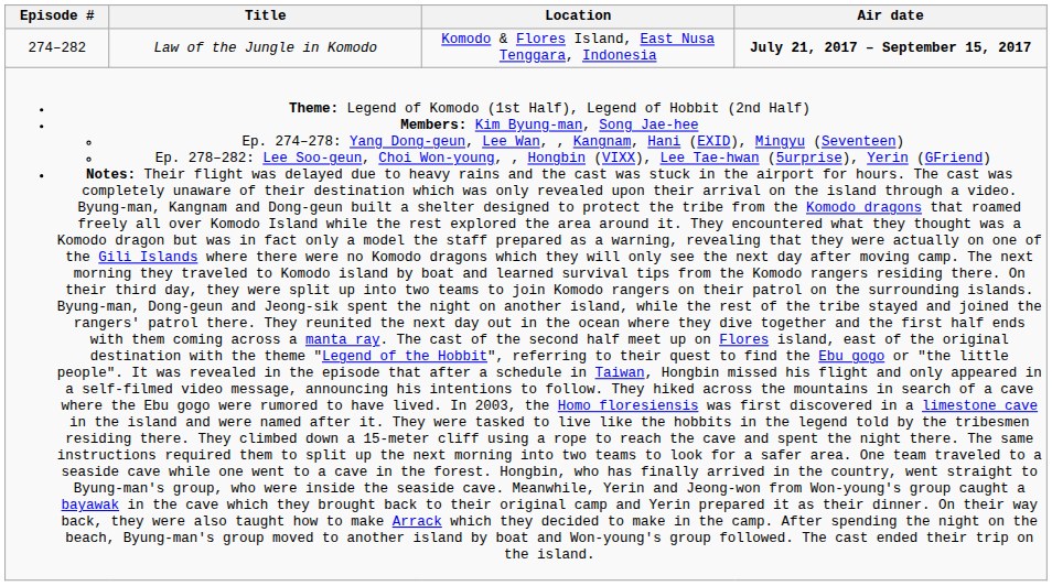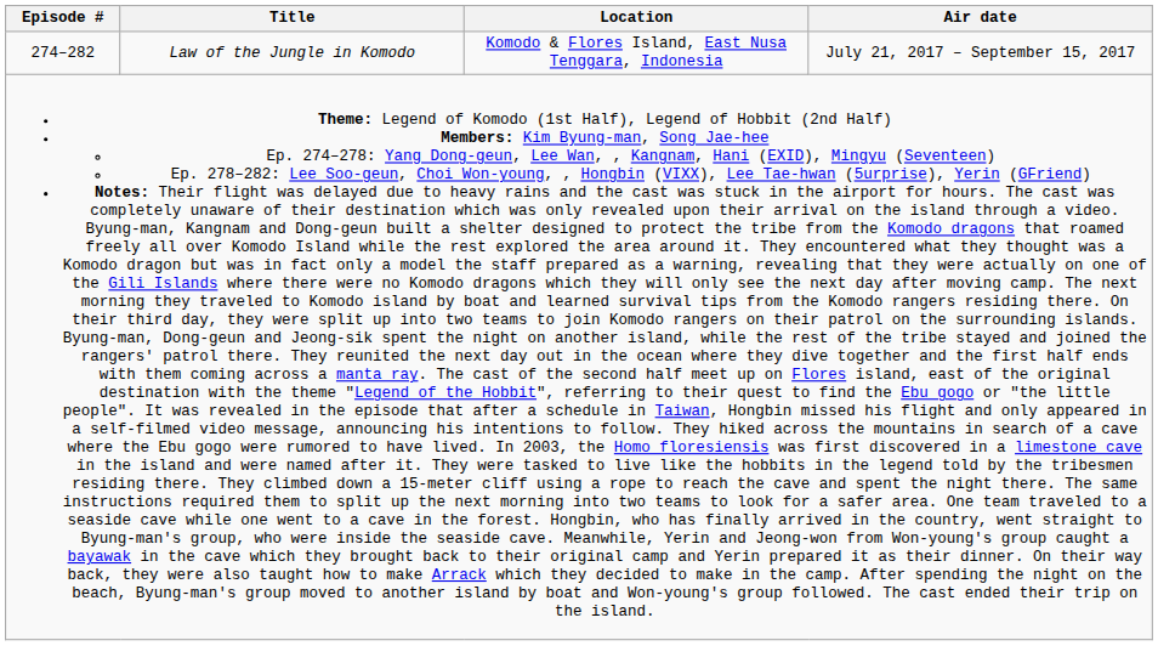 <table class="wikitable" style="text-align:center; font-size:90%; width:100%;">
 <tr>
 <th width="10%">Episode #</th>
 <th width="30%">Title</th>
 <th width="30%">Location</th>
 <th width="30%">Air date</th>
 </tr>
 <tr>
 <td>274–282</td>
 <td><em>Law of the Jungle in Komodo</em></td>
 <td><a href='#'>Komodo</a> & <a href='#'>Flores</a> Island, <a href='#'>East Nusa Tenggara</a>, <a href='#'>Indonesia</a></td>
-<td><strong>July 21, 2017 – September 15, 2017</strong></td>
+<td>July 21, 2017 – September 15, 2017</td>
 </tr>
 <tr>
 <td colspan="4"><br><ul><li><strong>Theme:</strong> Legend of Komodo (1st Half), Legend of Hobbit (2nd Half)</li><li><strong>Members:</strong> <a href='#'>Kim Byung-man</a>, <a href='#'>Song Jae-hee</a><ul><li>Ep. 274–278: <a href='#'>Yang Dong-geun</a>, <a href='#'>Lee Wan</a>, , <a href='#'>Kangnam</a>, <a href='#'>Hani</a> (<a href='#'>EXID</a>), <a href='#'>Mingyu</a> (<a href='#'>Seventeen</a>)</li><li>Ep. 278–282: <a href='#'>Lee Soo-geun</a>, <a href='#'>Choi Won-young</a>, , <a href='#'>Hongbin</a> (<a href='#'>VIXX</a>), <a href='#'>Lee Tae-hwan</a> (<a href='#'>5urprise</a>), <a href='#'>Yerin</a> (<a href='#'>GFriend</a>)</li></ul></li><li><strong>Notes:</strong> Their flight was delayed due to heavy rains and the cast was stuck in the airport for hours. The cast was completely unaware of their destination which was only revealed upon their arrival on the island through a video. Byung-man, Kangnam and Dong-geun built a shelter designed to protect the tribe from the <a href='#'>Komodo dragons</a> that roamed freely all over Komodo Island while the rest explored the area around it. They encountered what they thought was a Komodo dragon but was in fact only a model the staff prepared as a warning, revealing that they were actually on one of the <a href='#'>Gili Islands</a> where there were no Komodo dragons which they will only see the next day after moving camp. The next morning they traveled to Komodo island by boat and learned survival tips from the Komodo rangers residing there. On their third day, they were split up into two teams to join Komodo rangers on their patrol on the surrounding islands. Byung-man, Dong-geun and Jeong-sik spent the night on another island, while the rest of the tribe stayed and joined the rangers' patrol there. They reunited the next day out in the ocean where they dive together and the first half ends with them coming across a <a href='#'>manta ray</a>. The cast of the second half meet up on <a href='#'>Flores</a> island, east of the original destination with the theme "<a href='#'>Legend of the Hobbit</a>", referring to their quest to find the <a href='#'>Ebu gogo</a> or "the little people". It was revealed in the episode that after a schedule in <a href='#'>Taiwan</a>, Hongbin missed his flight and only appeared in a self-filmed video message, announcing his intentions to follow. They hiked across the mountains in search of a cave where the Ebu gogo were rumored to have lived. In 2003, the <a href='#'>Homo floresiensis</a> was first discovered in a <a href='#'>limestone cave</a> in the island and were named after it. They were tasked to live like the hobbits in the legend told by the tribesmen residing there. They climbed down a 15-meter cliff using a rope to reach the cave and spent the night there. The same instructions required them to split up the next morning into two teams to look for a safer area. One team traveled to a seaside cave while one went to a cave in the forest. Hongbin, who has finally arrived in the country, went straight to Byung-man's group, who were inside the seaside cave. Meanwhile, Yerin and Jeong-won from Won-young's group caught a <a href='#'>bayawak</a> in the cave which they brought back to their original camp and Yerin prepared it as their dinner. On their way back, they were also taught how to make <a href='#'>Arrack</a> which they decided to make in the camp. After spending the night on the beach, Byung-man's group moved to another island by boat and Won-young's group followed. The cast ended their trip on the island.</li></ul></td>
 </tr>
 </table>
